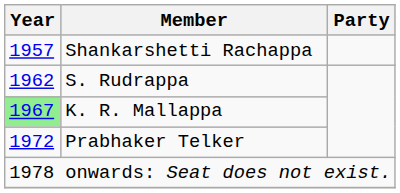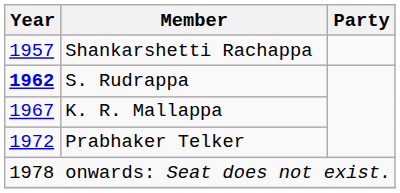 <table class="wikitable sortable">
 <tr>
 <th>Year</th>
 <th>Member</th>
 <th colspan="2">Party</th>
 </tr>
 <tr>
 <td><a href='#'>1957</a></td>
 <td>Shankarshetti Rachappa</td>
 <td></td>
 </tr>
 <tr>
-<td><a href='#'>1962</a></td>
+<td><strong><a href='#'>1962</a></strong></td>
 <td>S. Rudrappa</td>
 </tr>
 <tr>
-<td style="background: lightgreen;"><a href='#'>1967</a></td>
+<td><a href='#'>1967</a></td>
 <td>K. R. Mallappa</td>
 </tr>
 <tr>
 <td><a href='#'>1972</a></td>
 <td>Prabhaker Telker</td>
 </tr>
 <tr>
 <td colspan=4 align=center>1978 onwards: <em>Seat does not exist.</em></td>
 </tr>
 <tr>
 </tr>
 </table>
